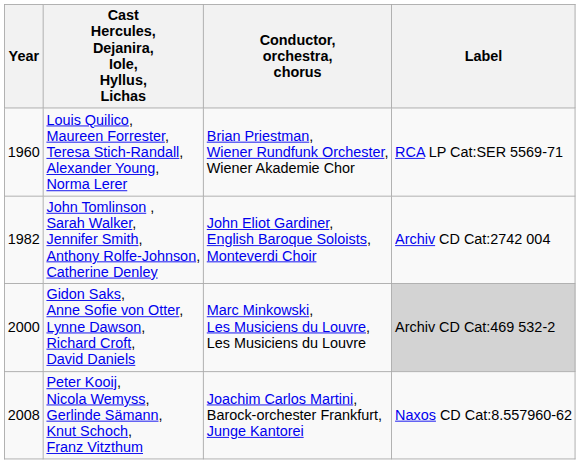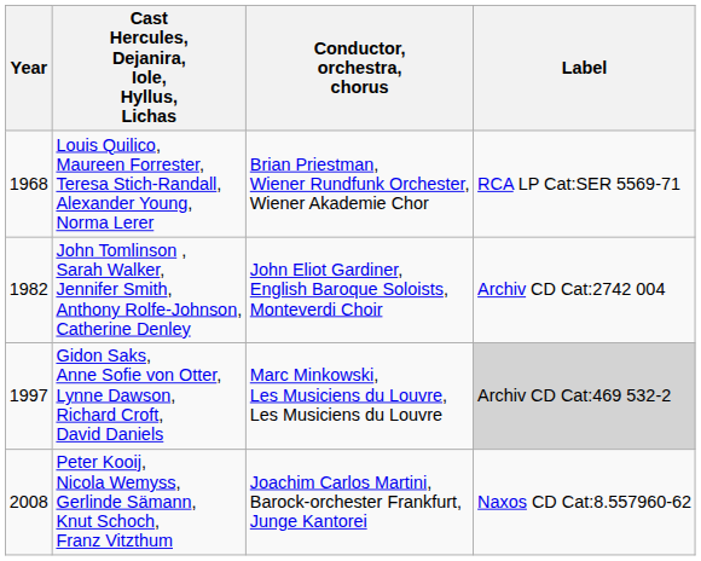 <table class="wikitable">
 <tr>
 <th>Year</th>
 <th>Cast<br>Hercules,<br>Dejanira,<br>Iole,<br>Hyllus,<br>Lichas</th>
 <th>Conductor,<br>orchestra,<br>chorus</th>
 <th>Label</th>
 </tr>
 <tr>
-<td>1960</td>
+<td>1968</td>
 <td><a href='#'>Louis Quilico</a>,<br><a href='#'>Maureen Forrester</a>,<br><a href='#'>Teresa Stich-Randall</a>,<br><a href='#'>Alexander Young</a>,<br><a href='#'>Norma Lerer</a></td>
 <td><a href='#'>Brian Priestman</a>,<br><a href='#'>Wiener Rundfunk Orchester</a>,<br>Wiener Akademie Chor</td>
 <td><a href='#'>RCA</a> LP Cat:SER 5569-71</td>
 </tr>
 <tr>
 <td>1982</td>
 <td><a href='#'>John Tomlinson</a> ,<br><a href='#'>Sarah Walker</a>,<br><a href='#'>Jennifer Smith</a>,<br><a href='#'>Anthony Rolfe-Johnson</a>,<br><a href='#'>Catherine Denley</a></td>
 <td><a href='#'>John Eliot Gardiner</a>,<br><a href='#'>English Baroque Soloists</a>,<br><a href='#'>Monteverdi Choir</a></td>
 <td><a href='#'>Archiv</a> CD Cat:2742 004</td>
 </tr>
 <tr>
-<td>2000</td>
+<td>1997</td>
 <td><a href='#'>Gidon Saks</a>,<br><a href='#'>Anne Sofie von Otter</a>,<br><a href='#'>Lynne Dawson</a>,<br><a href='#'>Richard Croft</a>,<br><a href='#'>David Daniels</a></td>
 <td><a href='#'>Marc Minkowski</a>,<br><a href='#'>Les Musiciens du Louvre</a>,<br>Les Musiciens du Louvre</td>
 <td style="background: lightgrey;">Archiv CD Cat:469 532-2</td>
 </tr>
 <tr>
 <td>2008</td>
 <td><a href='#'>Peter Kooij</a>,<br><a href='#'>Nicola Wemyss</a>,<br><a href='#'>Gerlinde Sämann</a>,<br><a href='#'>Knut Schoch</a>,<br><a href='#'>Franz Vitzthum</a></td>
 <td><a href='#'>Joachim Carlos Martini</a>,<br>Barock-orchester Frankfurt,<br><a href='#'>Junge Kantorei</a></td>
 <td><a href='#'>Naxos</a> CD Cat:8.557960-62</td>
 </tr>
 </table>
